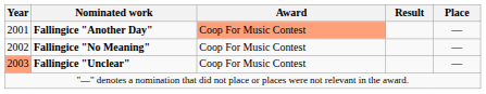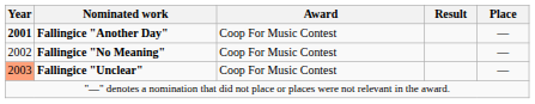 <table class="wikitable" style="width:80%;">
 <tr>
 <th style="width:5%;">Year</th>
 <th style="width:35%;">Nominated work</th>
 <th style="width:40%;">Award</th>
 <th style="width:10%;">Result</th>
 <th style="width:10%;">Place</th>
 </tr>
 <tr>
-<td>2001</td>
+<td><strong>2001</strong></td>
 <td><strong>Fallingice "Another Day"</strong></td>
-<td style="background: lightsalmon;">Coop For Music Contest</td>
+<td>Coop For Music Contest</td>
 <td></td>
 <td align="center">—</td>
 </tr>
 <tr>
 <td>2002</td>
 <td><strong>Fallingice "No Meaning"</strong></td>
 <td>Coop For Music Contest</td>
 <td></td>
 <td align="center">—</td>
 </tr>
 <tr>
 <td style="background: lightsalmon;">2003</td>
 <td><strong>Fallingice "Unclear"</strong></td>
 <td>Coop For Music Contest</td>
 <td></td>
 <td align="center">—</td>
 </tr>
 <tr>
 <td colspan="14" style="font-size:90%" align="center">"—" denotes a nomination that did not place or places were not relevant in the award.</td>
 </tr>
 </table>
